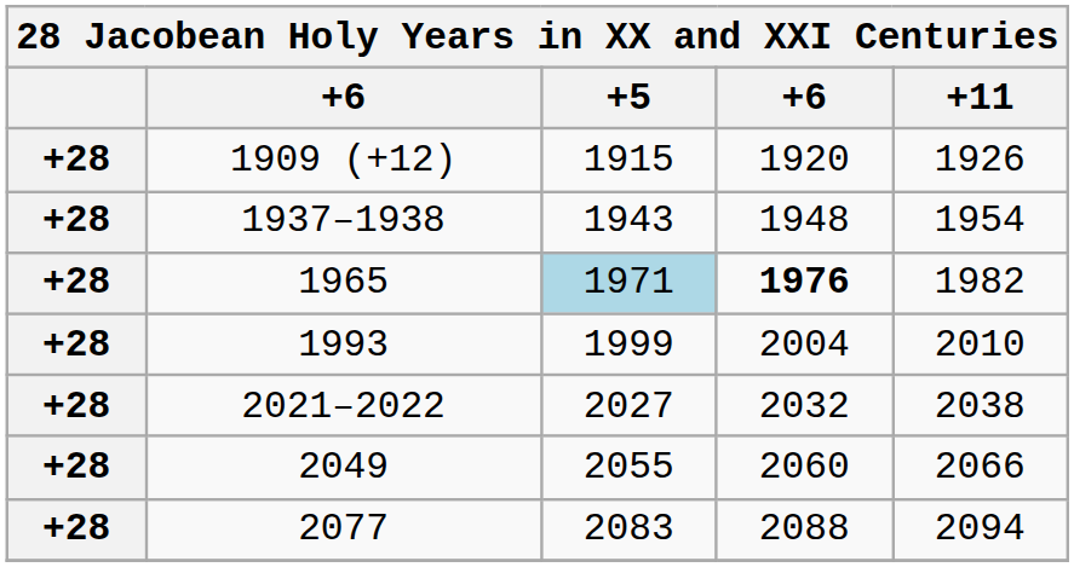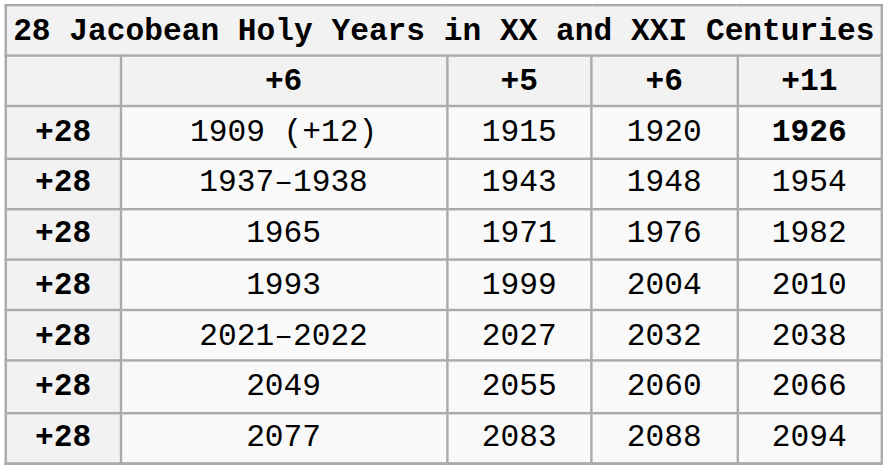 <table class="wikitable" style="margin:1em auto; text-align:center;">
 <tr>
 <th colspan="5">28 Jacobean Holy Years in XX and XXI Centuries</th>
 </tr>
 <tr>
 <th scope=col></th>
 <th scope=col>+6</th>
 <th scope=col>+5</th>
 <th scope=col>+6</th>
 <th scope=col>+11</th>
 </tr>
 <tr>
 <th scope=row>+28</th>
 <td>1909 (+12)</td>
 <td>1915</td>
 <td>1920</td>
-<td>1926</td>
+<td><strong>1926</strong></td>
 </tr>
 <tr>
 <th scope=row>+28</th>
 <td>1937–1938</td>
 <td>1943</td>
 <td>1948</td>
 <td>1954</td>
 </tr>
 <tr>
 <th scope=row>+28</th>
 <td>1965</td>
-<td style="background: lightblue;">1971</td>
-<td><strong>1976</strong></td>
+<td>1971</td>
+<td>1976</td>
 <td>1982</td>
 </tr>
 <tr>
 <th scope=row>+28</th>
 <td>1993</td>
 <td>1999</td>
 <td>2004</td>
 <td>2010</td>
 </tr>
 <tr>
 <th scope=row>+28</th>
 <td>2021–2022</td>
 <td>2027</td>
 <td>2032</td>
 <td>2038</td>
 </tr>
 <tr>
 <th scope=row>+28</th>
 <td>2049</td>
 <td>2055</td>
 <td>2060</td>
 <td>2066</td>
 </tr>
 <tr>
 <th scope=row>+28</th>
 <td>2077</td>
 <td>2083</td>
 <td>2088</td>
 <td>2094</td>
 </tr>
 <tr>
 </tr>
 </table>
